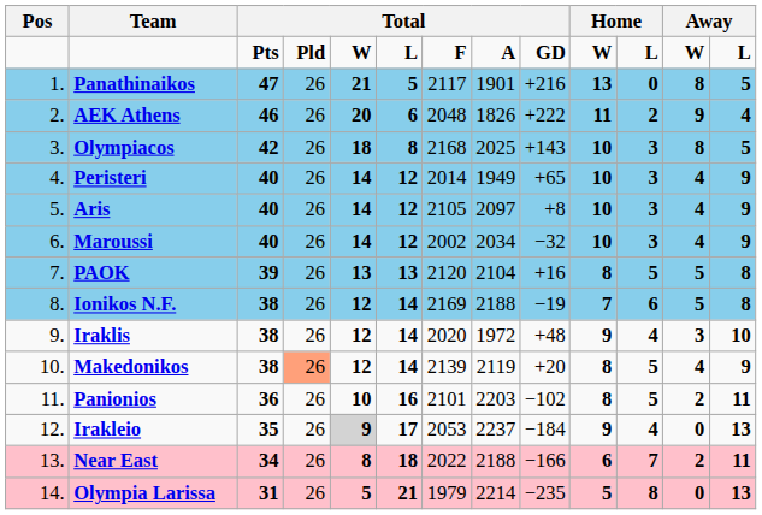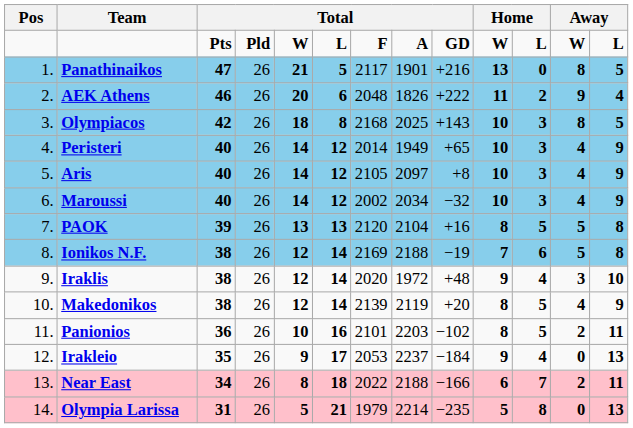 <table class="wikitable" style="text-align: right;">
 <tr>
 <th width="44">Pos</th>
 <th width="128">Team</th>
 <th colspan=7>Total</th>
 <th colspan=2>Home</th>
 <th colspan=2>Away</th>
 </tr>
 <tr>
 <td></td>
 <td></td>
 <td width="30"><strong>Pts</strong></td>
 <td width="30"><strong>Pld</strong></td>
 <td width="30"><strong>W</strong></td>
 <td width="30"><strong>L</strong></td>
 <td width="30"><strong>F</strong></td>
 <td width="30"><strong>A</strong></td>
 <td width="30"><strong>GD</strong></td>
 <td width="30"><strong>W</strong></td>
 <td width="30"><strong>L</strong></td>
 <td width="30"><strong>W</strong></td>
 <td width="30"><strong>L</strong></td>
 </tr>
 <tr bgcolor="87ceeb">
 <td>1.</td>
 <td align="left"><strong><a href='#'>Panathinaikos</a></strong></td>
 <td><strong>47</strong></td>
 <td>26</td>
 <td><strong>21</strong></td>
 <td><strong>5</strong></td>
 <td>2117</td>
 <td>1901</td>
 <td>+216</td>
 <td><strong>13</strong></td>
 <td><strong>0</strong></td>
 <td><strong>8</strong></td>
 <td><strong>5</strong></td>
 </tr>
 <tr bgcolor="87ceeb">
 <td>2.</td>
 <td align="left"><strong><a href='#'>AEK Athens</a></strong></td>
 <td><strong>46</strong></td>
 <td>26</td>
 <td><strong>20</strong></td>
 <td><strong>6</strong></td>
 <td>2048</td>
 <td>1826</td>
 <td>+222</td>
 <td><strong>11</strong></td>
 <td><strong>2</strong></td>
 <td><strong>9</strong></td>
 <td><strong>4</strong></td>
 </tr>
 <tr bgcolor="87ceeb">
 <td>3.</td>
 <td align="left"><strong><a href='#'>Olympiacos</a></strong></td>
 <td><strong>42</strong></td>
 <td>26</td>
 <td><strong>18</strong></td>
 <td><strong>8</strong></td>
 <td>2168</td>
 <td>2025</td>
 <td>+143</td>
 <td><strong>10</strong></td>
 <td><strong>3</strong></td>
 <td><strong>8</strong></td>
 <td><strong>5</strong></td>
 </tr>
 <tr bgcolor="87ceeb">
 <td>4.</td>
 <td align="left"><strong><a href='#'>Peristeri</a></strong></td>
 <td><strong>40</strong></td>
 <td>26</td>
 <td><strong>14</strong></td>
 <td><strong>12</strong></td>
 <td>2014</td>
 <td>1949</td>
 <td>+65</td>
 <td><strong>10</strong></td>
 <td><strong>3</strong></td>
 <td><strong>4</strong></td>
 <td><strong>9</strong></td>
 </tr>
 <tr bgcolor="87ceeb">
 <td>5.</td>
 <td align="left"><strong><a href='#'>Aris</a></strong></td>
 <td><strong>40</strong></td>
 <td>26</td>
 <td><strong>14</strong></td>
 <td><strong>12</strong></td>
 <td>2105</td>
 <td>2097</td>
 <td>+8</td>
 <td><strong>10</strong></td>
 <td><strong>3</strong></td>
 <td><strong>4</strong></td>
 <td><strong>9</strong></td>
 </tr>
 <tr bgcolor="87ceeb">
 <td>6.</td>
 <td align="left"><strong><a href='#'>Maroussi</a></strong></td>
 <td><strong>40</strong></td>
 <td>26</td>
 <td><strong>14</strong></td>
 <td><strong>12</strong></td>
 <td>2002</td>
 <td>2034</td>
 <td>−32</td>
 <td><strong>10</strong></td>
 <td><strong>3</strong></td>
 <td><strong>4</strong></td>
 <td><strong>9</strong></td>
 </tr>
 <tr bgcolor="87ceeb">
 <td>7.</td>
 <td align="left"><strong><a href='#'>PAOK</a></strong></td>
 <td><strong>39</strong></td>
 <td>26</td>
 <td><strong>13</strong></td>
 <td><strong>13</strong></td>
 <td>2120</td>
 <td>2104</td>
 <td>+16</td>
 <td><strong>8</strong></td>
 <td><strong>5</strong></td>
 <td><strong>5</strong></td>
 <td><strong>8</strong></td>
 </tr>
 <tr bgcolor="87ceeb">
 <td>8.</td>
 <td align="left"><strong><a href='#'>Ionikos N.F.</a></strong></td>
 <td><strong>38</strong></td>
 <td>26</td>
 <td><strong>12</strong></td>
 <td><strong>14</strong></td>
 <td>2169</td>
 <td>2188</td>
 <td>−19</td>
 <td><strong>7</strong></td>
 <td><strong>6</strong></td>
 <td><strong>5</strong></td>
 <td><strong>8</strong></td>
 </tr>
 <tr>
 <td>9.</td>
 <td align="left"><strong><a href='#'>Iraklis</a></strong></td>
 <td><strong>38</strong></td>
 <td>26</td>
 <td><strong>12</strong></td>
 <td><strong>14</strong></td>
 <td>2020</td>
 <td>1972</td>
 <td>+48</td>
 <td><strong>9</strong></td>
 <td><strong>4</strong></td>
 <td><strong>3</strong></td>
 <td><strong>10</strong></td>
 </tr>
 <tr>
 <td>10.</td>
 <td align="left"><strong> <a href='#'>Makedonikos</a></strong></td>
 <td><strong>38</strong></td>
-<td style="background: lightsalmon;">26</td>
+<td>26</td>
 <td><strong>12</strong></td>
 <td><strong>14</strong></td>
 <td>2139</td>
 <td>2119</td>
 <td>+20</td>
 <td><strong>8</strong></td>
 <td><strong>5</strong></td>
 <td><strong>4</strong></td>
 <td><strong>9</strong></td>
 </tr>
 <tr>
 <td>11.</td>
 <td align="left"><strong><a href='#'>Panionios</a></strong></td>
 <td><strong>36</strong></td>
 <td>26</td>
 <td><strong>10</strong></td>
 <td><strong>16</strong></td>
 <td>2101</td>
 <td>2203</td>
 <td>−102</td>
 <td><strong>8</strong></td>
 <td><strong>5</strong></td>
 <td><strong>2</strong></td>
 <td><strong>11</strong></td>
 </tr>
 <tr>
 <td>12.</td>
 <td align="left"><strong><a href='#'>Irakleio</a></strong></td>
 <td><strong>35</strong></td>
 <td>26</td>
-<td style="background: lightgrey;"><strong>9</strong></td>
+<td><strong>9</strong></td>
 <td><strong>17</strong></td>
 <td>2053</td>
 <td>2237</td>
 <td>−184</td>
 <td><strong>9</strong></td>
 <td><strong>4</strong></td>
 <td><strong>0</strong></td>
 <td><strong>13</strong></td>
 </tr>
 <tr bgcolor="ffc0cb">
 <td>13.</td>
 <td align="left"><strong><a href='#'>Near East</a></strong></td>
 <td><strong>34</strong></td>
 <td>26</td>
 <td><strong>8</strong></td>
 <td><strong>18</strong></td>
 <td>2022</td>
 <td>2188</td>
 <td>−166</td>
 <td><strong>6</strong></td>
 <td><strong>7</strong></td>
 <td><strong>2</strong></td>
 <td><strong>11</strong></td>
 </tr>
 <tr bgcolor="ffc0cb">
 <td>14.</td>
 <td align="left"><strong><a href='#'>Olympia Larissa</a></strong></td>
 <td><strong>31</strong></td>
 <td>26</td>
 <td><strong>5</strong></td>
 <td><strong>21</strong></td>
 <td>1979</td>
 <td>2214</td>
 <td>−235</td>
 <td><strong>5</strong></td>
 <td><strong>8</strong></td>
 <td><strong>0</strong></td>
 <td><strong>13</strong></td>
 </tr>
 </table>
